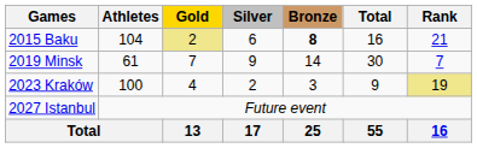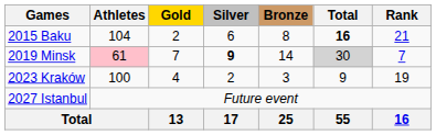 <table class="wikitable" style="text-align:center; font-size:90%;">
 <tr>
 <th>Games</th>
 <th>Athletes</th>
 <td style="background:gold; width:3.7em; font-weight:bold;">Gold</td>
 <td style="background:silver; width:3.7em; font-weight:bold;">Silver</td>
 <td style="background:#cc9966; width:3.7em; font-weight:bold;">Bronze</td>
 <th style="width:4em; font-weight:bold;">Total</th>
 <th style="width:4em; font-weight:bold;">Rank</th>
 </tr>
 <tr>
 <td align=left> <a href='#'>2015 Baku</a></td>
 <td>104</td>
-<td style="background: khaki;">2</td>
+<td>2</td>
 <td>6</td>
-<td><strong>8</strong></td>
-<td>16</td>
+<td>8</td>
+<td><strong>16</strong></td>
 <td><a href='#'>21</a></td>
 </tr>
 <tr>
 <td align=left> <a href='#'>2019 Minsk</a></td>
-<td>61</td>
+<td style="background: pink;">61</td>
 <td>7</td>
-<td>9</td>
+<td><strong>9</strong></td>
 <td>14</td>
-<td>30</td>
+<td style="background: lightgrey;">30</td>
 <td><a href='#'>7</a></td>
 </tr>
 <tr>
 <td align=left> <a href='#'>2023 Kraków</a></td>
 <td>100</td>
 <td>4</td>
 <td>2</td>
 <td>3</td>
 <td>9</td>
-<td style="background: khaki;">19</td>
+<td>19</td>
 </tr>
 <tr>
 <td align=left> <a href='#'>2027 Istanbul</a></td>
 <td colspan=6><em>Future event</em></td>
 </tr>
 <tr>
 <th colspan=2>Total</th>
 <th>13</th>
 <th>17</th>
 <th>25</th>
 <th>55</th>
 <th><a href='#'>16</a></th>
 </tr>
 </table>
